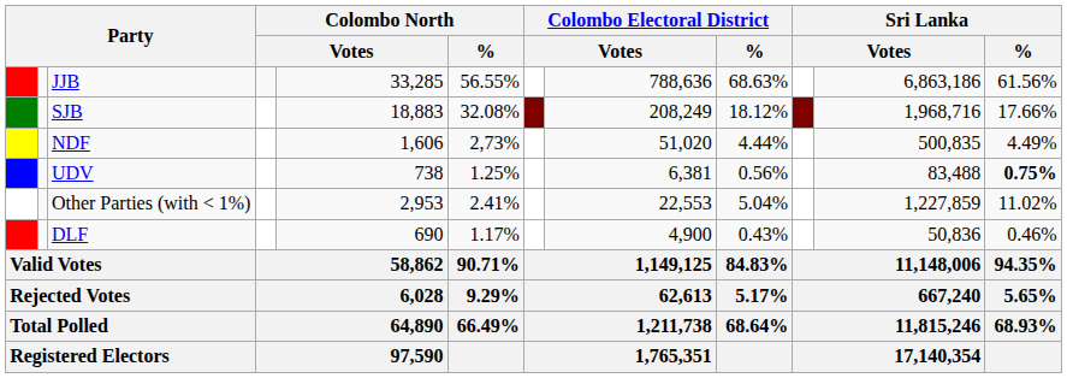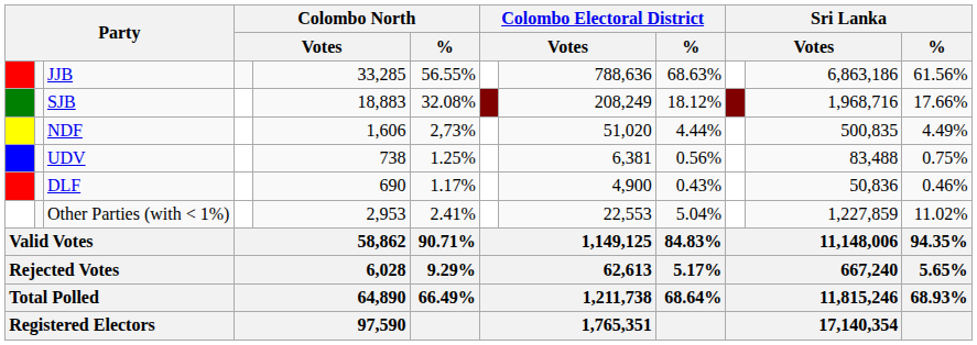 <table class="wikitable">
 <tr>
 <th colspan="3" width="144px"rowspan="2">Party</th>
 <th colspan="3" width="216px">Colombo North</th>
 <th colspan="3" width="216px"><a href='#'>Colombo Electoral District</a></th>
 <th colspan="3" width="216px">Sri Lanka</th>
 </tr>
 <tr>
 <th colspan="2" width="144px">Votes</th>
 <th>%</th>
 <th colspan="2" width="144px">Votes</th>
 <th>%</th>
 <th colspan="2" width="144px">Votes</th>
 <th>%</th>
 </tr>
 <tr>
 <td style="background-color:red;" width="20px"></td>
 <td></td>
 <td style="text-align:left;"><a href='#'>JJB</a></td>
 <td style="background-color:"></td>
 <td style="text-align:right;">33,285</td>
 <td style="text-align:right;">56.55%</td>
 <td style="background-color:white;" width="10px"></td>
 <td style="text-align:right;">788,636</td>
 <td style="text-align:right;">68.63%</td>
 <td style="background-color:white;" width="10px"></td>
 <td style="text-align:right;">6,863,186</td>
 <td style="text-align:right;">61.56%</td>
 </tr>
 <tr>
 <td style="background-color:green;" width="20px"></td>
 <td></td>
 <td style="text-align:left;"><a href='#'>SJB</a></td>
 <td style="background-color:white;" width="10px"></td>
 <td style="text-align:right;">18,883</td>
 <td style="text-align:right;">32.08%</td>
 <td style="background-color:maroon;" width="10px"></td>
 <td style="text-align:right;">208,249</td>
 <td style="text-align:right;">18.12%</td>
 <td style="background-color:maroon;" width="10px"></td>
 <td style="text-align:right;">1,968,716</td>
 <td style="text-align:right;">17.66%</td>
 </tr>
 <tr>
 <td style="background-color:yellow;" width="20px"></td>
 <td></td>
 <td style="text-align:left;"><a href='#'>NDF</a></td>
 <td style="background-color:white;" width="10px"></td>
 <td style="text-align:right;">1,606</td>
 <td style="text-align:right;">2,73%</td>
 <td style="background-color:white;" width="10px"></td>
 <td style="text-align:right;">51,020</td>
 <td style="text-align:right;">4.44%</td>
 <td style="background-color:white;" width="10px"></td>
 <td style="text-align:right;">500,835</td>
 <td style="text-align:right;">4.49%</td>
 </tr>
 <tr>
 <td style="background-color:blue;" width="20px"></td>
 <td></td>
 <td style="text-align:left;"><a href='#'>UDV</a></td>
 <td style="background-color:white;" width="10px"></td>
 <td style="text-align:right;">738</td>
 <td style="text-align:right;">1.25%</td>
 <td style="background-color:white;" width="10px"></td>
 <td style="text-align:right;">6,381</td>
 <td style="text-align:right;">0.56%</td>
 <td style="background-color:white;" width="10px"></td>
 <td style="text-align:right;">83,488</td>
-<td style="text-align:right;"><strong>0.75%</strong></td>
+<td style="text-align:right;">0.75%</td>
+</tr>
+<tr>
+<td style="background-color:red;" width="20px"></td>
+<td></td>
+<td style="text-align:left;"><a href='#'>DLF</a></td>
+<td style="background-color:white;" width="10px"></td>
+<td style="text-align:right;">690</td>
+<td style="text-align:right;">1.17%</td>
+<td style="background-color:white;" width="10px"></td>
+<td style="text-align:right;">4,900</td>
+<td style="text-align:right;">0.43%</td>
+<td style="background-color:white;" width="10px"></td>
+<td style="text-align:right;">50,836</td>
+<td style="text-align:right;">0.46%</td>
 </tr>
 <tr>
 <td style="background-color:white;" width="20px"></td>
 <td></td>
 <td style="text-align:left;">Other Parties (with < 1%)</td>
 <td style="background-color:white;" width="10px"></td>
 <td style="text-align:right;">2,953</td>
 <td style="text-align:right;">2.41%</td>
 <td style="background-color:white;" width="10px"></td>
 <td style="text-align:right;">22,553</td>
 <td style="text-align:right;">5.04%</td>
 <td style="background-color:white;" width="10px"></td>
 <td style="text-align:right;">1,227,859</td>
 <td style="text-align:right;">11.02%</td>
-</tr>
-<tr>
-<td style="background-color:red;" width="20px"></td>
-<td></td>
-<td style="text-align:left;"><a href='#'>DLF</a></td>
-<td style="background-color:white;" width="10px"></td>
-<td style="text-align:right;">690</td>
-<td style="text-align:right;">1.17%</td>
-<td style="background-color:white;" width="10px"></td>
-<td style="text-align:right;">4,900</td>
-<td style="text-align:right;">0.43%</td>
-<td style="background-color:white;" width="10px"></td>
-<td style="text-align:right;">50,836</td>
-<td style="text-align:right;">0.46%</td>
 </tr>
 <tr>
 <th colspan="3" width="144px"style="text-align:left;">Valid Votes</th>
 <th style="text-align:right;"colspan="2" width="144px">58,862</th>
 <th style="text-align:right;">90.71%</th>
 <th style="text-align:right;"colspan="2" width="144px">1,149,125</th>
 <th style="text-align:right;">84.83%</th>
 <th style="text-align:right;"colspan="2" width="144px">11,148,006</th>
 <th style="text-align:right;">94.35%</th>
 </tr>
 <tr>
 <th colspan="3" width="144px"style="text-align:left;">Rejected Votes</th>
 <th style="text-align:right;"colspan="2" width="144px">6,028</th>
 <th style="text-align:right;">9.29%</th>
 <th style="text-align:right;"colspan="2" width="144px">62,613</th>
 <th style="text-align:right;">5.17%</th>
 <th style="text-align:right;"colspan="2" width="144px">667,240</th>
 <th style="text-align:right;">5.65%</th>
 </tr>
 <tr>
 <th colspan="3" width="144px"style="text-align:left;">Total Polled</th>
 <th style="text-align:right;"colspan="2" width="144px">64,890</th>
 <th style="text-align:right;">66.49%</th>
 <th style="text-align:right;"colspan="2" width="144px">1,211,738</th>
 <th style="text-align:right;">68.64%</th>
 <th style="text-align:right;"colspan="2" width="144px">11,815,246</th>
 <th style="text-align:right;">68.93%</th>
 </tr>
 <tr>
 <th colspan="3" width="144px"style="text-align:left;">Registered Electors</th>
 <th style="text-align:right;"colspan="2" width="144px">97,590</th>
 <th></th>
 <th style="text-align:right;"colspan="2" width="144px">1,765,351</th>
 <th></th>
 <th style="text-align:right;"colspan="2" width="144px">17,140,354</th>
 <th></th>
 </tr>
 </table>
